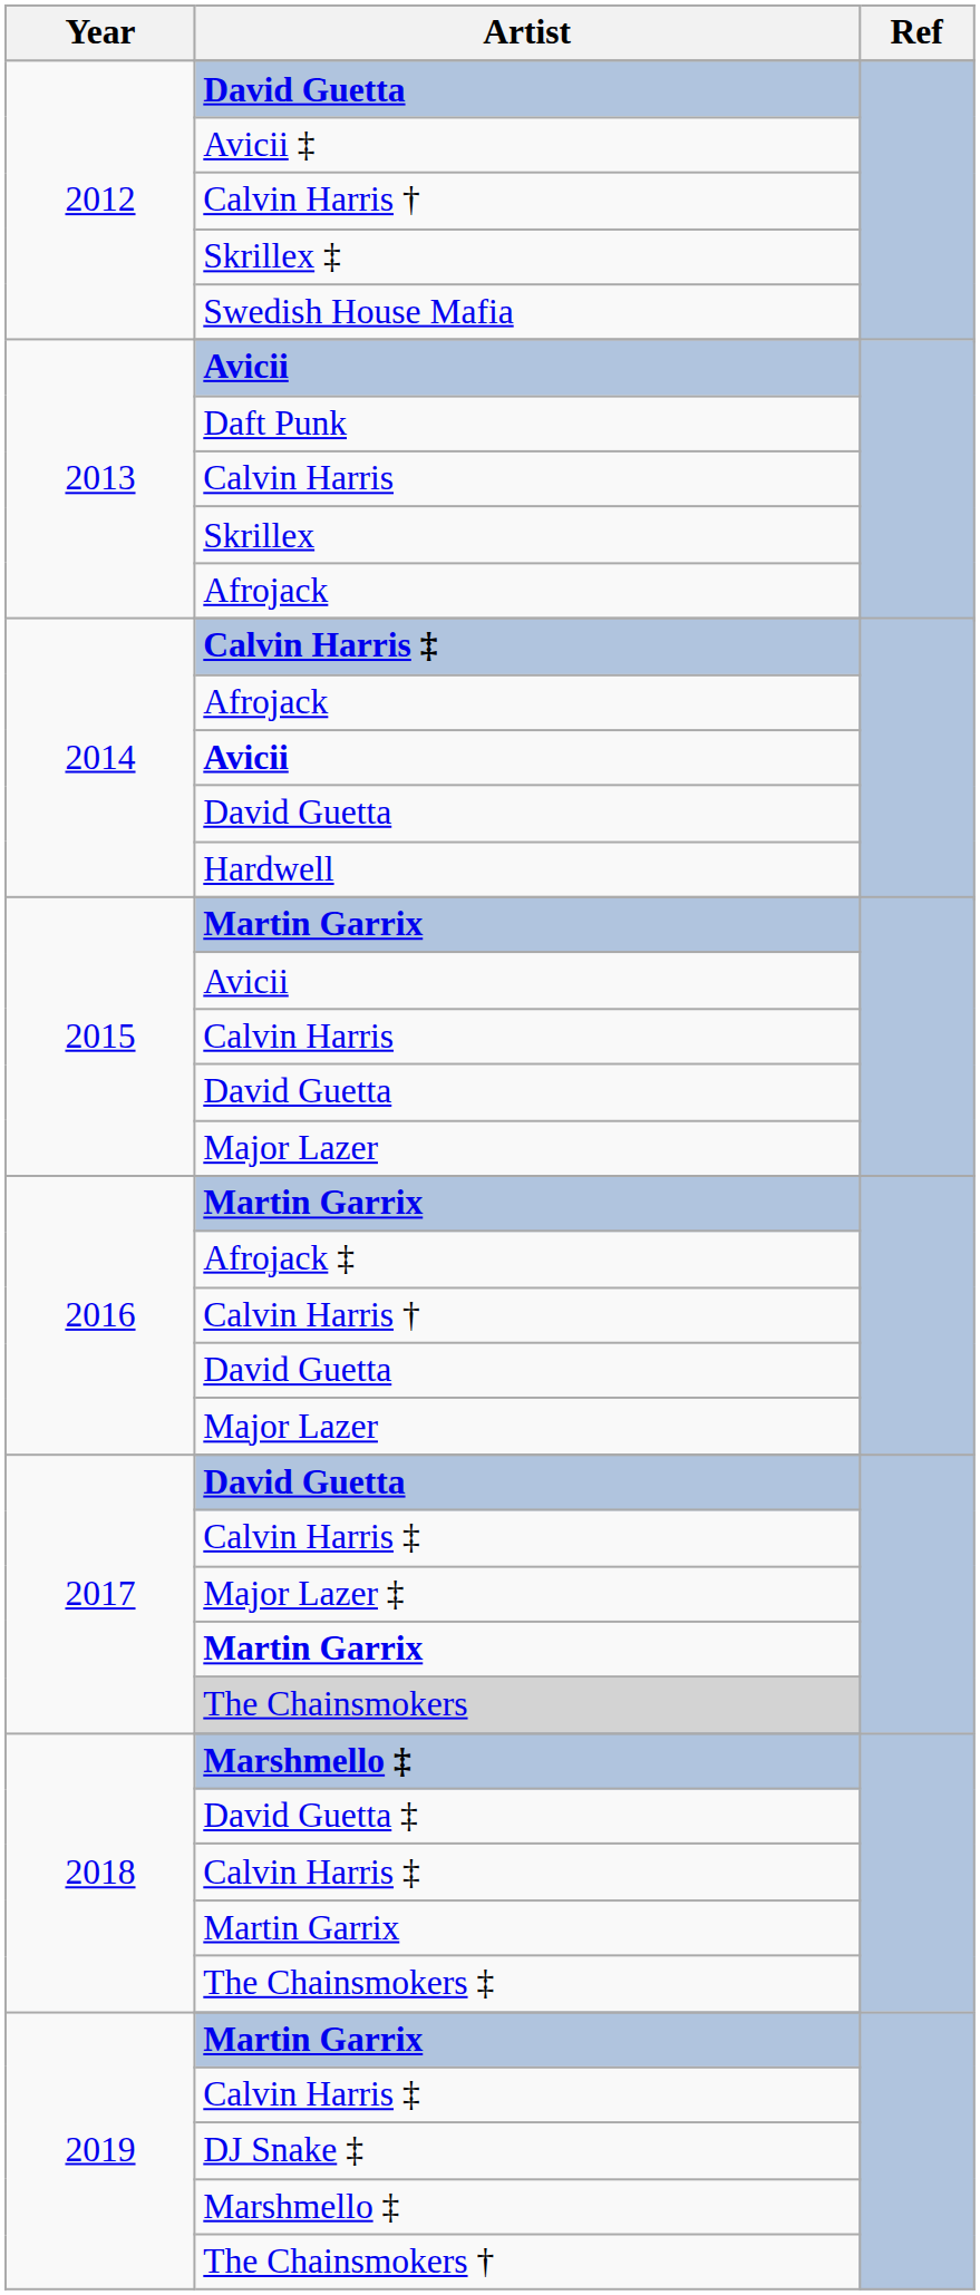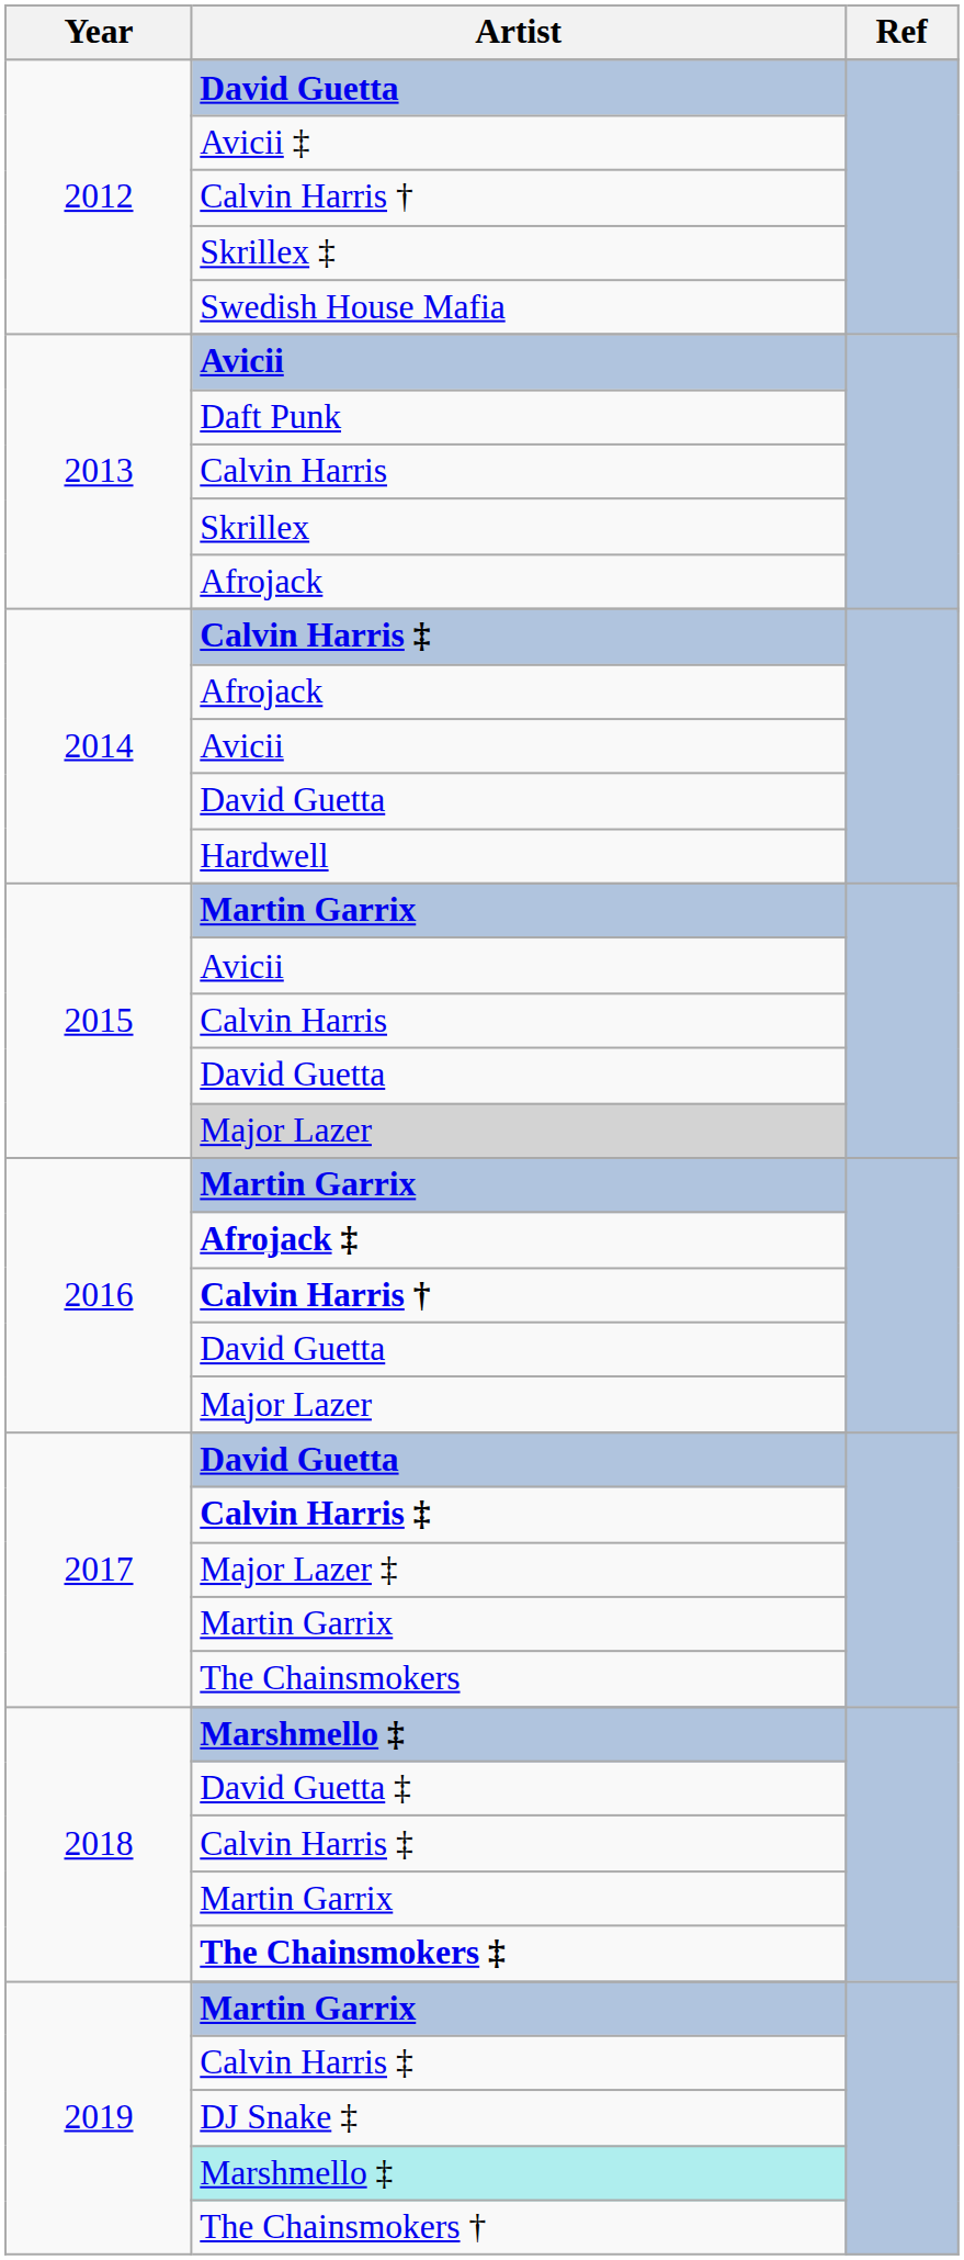 <table class="wikitable" style="width:50%;">
 <tr style="background:#bebebe;">
 <th style="width:10%;">Year</th>
 <th style="width:35%;">Artist</th>
 <th style="width:5%;">Ref</th>
 </tr>
 <tr>
 <td rowspan="6" align="center"><a href='#'>2012</a></td>
 </tr>
 <tr style="background:#B0C4DE">
 <td><strong><a href='#'>David Guetta</a></strong></td>
 <td rowspan="6" align="center"></td>
 </tr>
 <tr>
 <td><a href='#'>Avicii</a> ‡</td>
 </tr>
 <tr>
 <td><a href='#'>Calvin Harris</a> †</td>
 </tr>
 <tr>
 <td><a href='#'>Skrillex</a> ‡</td>
 </tr>
 <tr>
 <td><a href='#'>Swedish House Mafia</a></td>
 </tr>
 <tr>
 <td rowspan="6" align="center"><a href='#'>2013</a></td>
 </tr>
 <tr style="background:#B0C4DE">
 <td><strong><a href='#'>Avicii</a></strong></td>
 <td rowspan="6" align="center"></td>
 </tr>
 <tr>
 <td><a href='#'>Daft Punk</a></td>
 </tr>
 <tr>
 <td><a href='#'>Calvin Harris</a></td>
 </tr>
 <tr>
 <td><a href='#'>Skrillex</a></td>
 </tr>
 <tr>
 <td><a href='#'>Afrojack</a></td>
 </tr>
 <tr>
 <td rowspan="6" align="center"><a href='#'>2014</a></td>
 </tr>
 <tr style="background:#B0C4DE">
 <td><strong><a href='#'>Calvin Harris</a> ‡</strong></td>
 <td rowspan="6" align="center"></td>
 </tr>
 <tr>
 <td><a href='#'>Afrojack</a></td>
 </tr>
 <tr>
-<td><strong><a href='#'>Avicii</a></strong></td>
+<td><a href='#'>Avicii</a></td>
 </tr>
 <tr>
 <td><a href='#'>David Guetta</a></td>
 </tr>
 <tr>
 <td><a href='#'>Hardwell</a></td>
 </tr>
 <tr>
 <td rowspan="6" align="center"><a href='#'>2015</a></td>
 </tr>
 <tr style="background:#B0C4DE">
 <td><strong><a href='#'>Martin Garrix</a></strong></td>
 <td rowspan="5" align="center"></td>
 </tr>
 <tr>
 <td><a href='#'>Avicii</a></td>
 </tr>
 <tr>
 <td><a href='#'>Calvin Harris</a></td>
 </tr>
 <tr>
 <td><a href='#'>David Guetta</a></td>
 </tr>
 <tr>
-<td><a href='#'>Major Lazer</a></td>
+<td style="background: lightgrey;"><a href='#'>Major Lazer</a></td>
 </tr>
 <tr>
 <td rowspan="6" align="center"><a href='#'>2016</a></td>
 </tr>
 <tr style="background:#B0C4DE">
 <td><strong><a href='#'>Martin Garrix</a></strong></td>
 <td rowspan="6" align="center"></td>
 </tr>
 <tr>
-<td><a href='#'>Afrojack</a> ‡</td>
+<td><strong><a href='#'>Afrojack</a> ‡</strong></td>
 </tr>
 <tr>
-<td><a href='#'>Calvin Harris</a> †</td>
+<td><strong><a href='#'>Calvin Harris</a> †</strong></td>
 </tr>
 <tr>
 <td><a href='#'>David Guetta</a></td>
 </tr>
 <tr>
 <td><a href='#'>Major Lazer</a></td>
 </tr>
 <tr>
 <td rowspan="6" align="center"><a href='#'>2017</a></td>
 </tr>
 <tr style="background:#B0C4DE">
 <td><strong><a href='#'>David Guetta</a></strong></td>
 <td rowspan="6" align="center"></td>
 </tr>
 <tr>
-<td><a href='#'>Calvin Harris</a> ‡</td>
+<td><strong><a href='#'>Calvin Harris</a> ‡</strong></td>
 </tr>
 <tr>
 <td><a href='#'>Major Lazer</a> ‡</td>
 </tr>
 <tr>
-<td><strong><a href='#'>Martin Garrix</a></strong></td>
+<td><a href='#'>Martin Garrix</a></td>
 </tr>
 <tr>
-<td style="background: lightgrey;"><a href='#'>The Chainsmokers</a></td>
+<td><a href='#'>The Chainsmokers</a></td>
 </tr>
 <tr>
 <td rowspan="6" align="center"><a href='#'>2018</a></td>
 </tr>
 <tr style="background:#B0C4DE">
 <td><strong><a href='#'>Marshmello</a> ‡</strong></td>
 <td rowspan="6" align=center></td>
 </tr>
 <tr>
 <td><a href='#'>David Guetta</a> ‡</td>
 </tr>
 <tr>
 <td><a href='#'>Calvin Harris</a> ‡</td>
 </tr>
 <tr>
 <td><a href='#'>Martin Garrix</a></td>
 </tr>
 <tr>
-<td><a href='#'>The Chainsmokers</a> ‡</td>
+<td><strong><a href='#'>The Chainsmokers</a> ‡</strong></td>
 </tr>
 <tr>
 <td rowspan="6" align="center"><a href='#'>2019</a></td>
 </tr>
 <tr style="background:#B0C4DE">
 <td><strong><a href='#'>Martin Garrix</a></strong></td>
 <td rowspan="5" align="center"></td>
 </tr>
 <tr>
 <td><a href='#'>Calvin Harris</a> ‡</td>
 </tr>
 <tr>
 <td><a href='#'>DJ Snake</a> ‡</td>
 </tr>
 <tr>
-<td><a href='#'>Marshmello</a> ‡</td>
+<td style="background: paleturquoise;"><a href='#'>Marshmello</a> ‡</td>
 </tr>
 <tr>
 <td><a href='#'>The Chainsmokers</a> †</td>
 </tr>
 </table>
